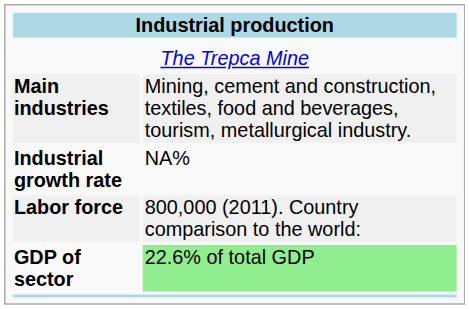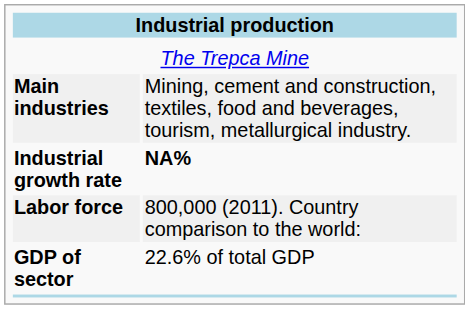 <table style="width:25%; toc:25em; font-size:85%; text-align:left;" class="infobox">
 <tr>
 <th style="text-align:center; background:lightblue;" colspan="3">Industrial production</th>
 </tr>
 <tr>
 <td colspan="2" style="text-align:center;"></td>
 </tr>
 <tr>
 <td colspan="2" style="text-align:center"><em><a href='#'>The Trepca Mine</a></em></td>
 </tr>
 <tr>
 <th style="text-align:left; background:#f0f0f0; vertical-align:top;">Main industries</th>
 <td style="background:#f0f0f0; vertical-align:top;">Mining, cement and construction, textiles, food and beverages, tourism, metallurgical industry.</td>
 </tr>
 <tr>
 <th style="text-align:left; vertical-align:top;">Industrial growth rate</th>
-<td valign="top">NA%</td>
+<td valign="top"><strong>NA%</strong></td>
 </tr>
 <tr>
 <th style="text-align:left; background:#f0f0f0; vertical-align:top;">Labor force</th>
 <td style="background:#f0f0f0; vertical-align:top;">800,000 (2011). Country comparison to the world: </td>
 </tr>
 <tr>
 <th style="text-align:left; vertical-align:top;">GDP of sector</th>
-<td valign="top" style="background: lightgreen;">22.6% of total GDP</td>
+<td valign="top">22.6% of total GDP</td>
 </tr>
 <tr>
 <td style="text-align:center; background:lightblue;" colspan="2"></td>
 </tr>
 </table>
